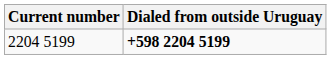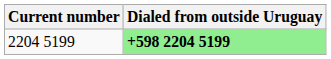 <table class="wikitable">
 <tr>
 <th>Current number</th>
 <th>Dialed from outside Uruguay</th>
 </tr>
 <tr>
 <td>2204 5199</td>
-<td><strong>+598 2204 5199</strong></td>
+<td style="background: lightgreen;"><strong>+598 2204 5199</strong></td>
 </tr>
 </table>
